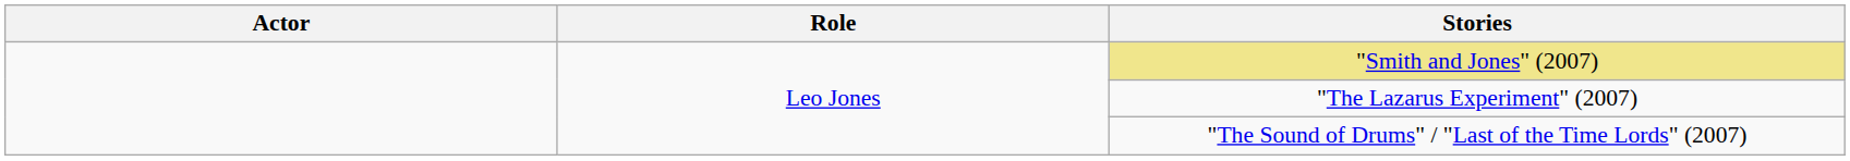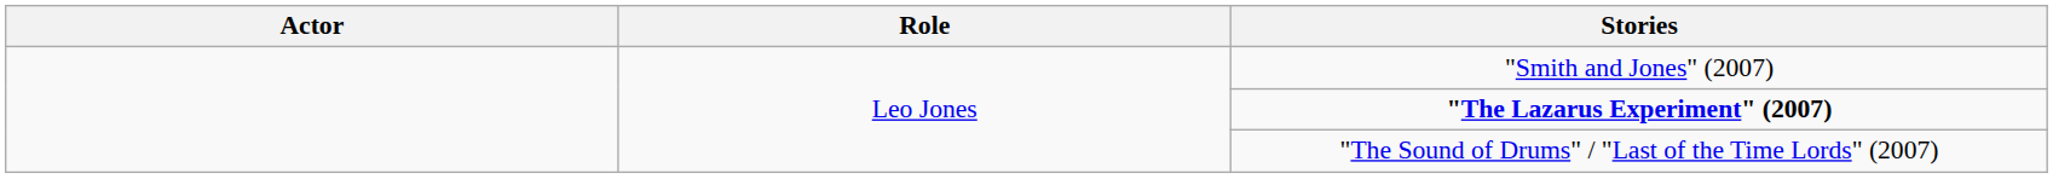 <table class="wikitable plainrowheaders sortable" style="text-align:center; width:99%;">
 <tr>
 <th style="width:30%;">Actor</th>
 <th scope="col" style="width:30%;">Role</th>
 <th scope="col" style="width:40%;">Stories</th>
 </tr>
 <tr>
 <td scope="row" rowspan="3"></td>
 <td rowspan="3"><a href='#'>Leo Jones</a></td>
-<td data-sort-value="179" style="background: khaki;">"<a href='#'>Smith and Jones</a>" (2007)</td>
+<td data-sort-value="179">"<a href='#'>Smith and Jones</a>" (2007)</td>
 </tr>
 <tr>
-<td data-sort-value="183">"<a href='#'>The Lazarus Experiment</a>" (2007)</td>
+<td data-sort-value="183"><strong>"<a href='#'>The Lazarus Experiment</a>" (2007)</strong></td>
 </tr>
 <tr>
 <td data-sort-value="187b">"<a href='#'>The Sound of Drums</a>" / "<a href='#'>Last of the Time Lords</a>" (2007)</td>
 </tr>
 </table>
